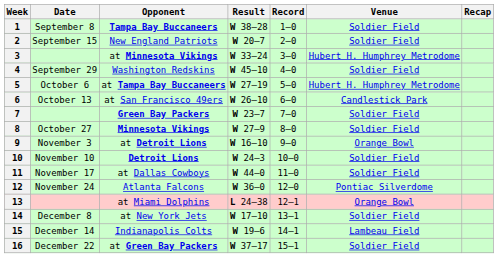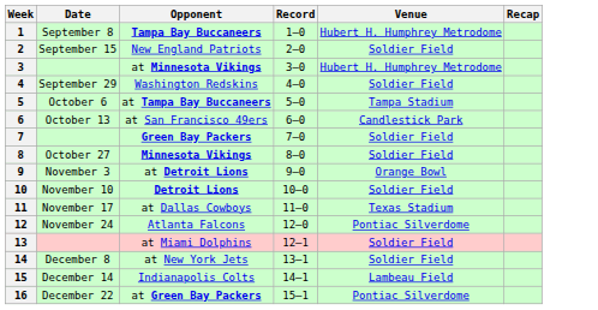 <table class="wikitable" style="text-align:center">
 <tr>
 <th>Week</th>
 <th>Date</th>
 <th>Opponent</th>
-<th>Result</th>
 <th>Record</th>
 <th>Venue</th>
 <th>Recap</th>
 </tr>
 <tr style="background:#cfc;">
 <th>1</th>
 <td>September 8</td>
 <td><strong><a href='#'>Tampa Bay Buccaneers</a></strong></td>
-<td><strong>W</strong>  38–28</td>
 <td>1–0</td>
-<td><a href='#'>Soldier Field</a></td>
+<td><a href='#'>Hubert H. Humphrey Metrodome</a></td>
 <td></td>
 </tr>
 <tr style="background:#cfc;">
 <th>2</th>
 <td>September 15</td>
 <td><a href='#'>New England Patriots</a></td>
-<td><strong>W</strong> 20–7</td>
 <td>2–0</td>
 <td><a href='#'>Soldier Field</a></td>
 <td></td>
 </tr>
 <tr style="background:#cfc;">
 <th>3</th>
 <td></td>
 <td>at <strong><a href='#'>Minnesota Vikings</a></strong></td>
-<td><strong>W</strong> 33–24</td>
 <td>3–0</td>
 <td><a href='#'>Hubert H. Humphrey Metrodome</a></td>
 <td></td>
 </tr>
 <tr style="background:#cfc;">
 <th>4</th>
 <td>September 29</td>
 <td><a href='#'>Washington Redskins</a></td>
-<td><strong>W</strong> 45–10</td>
 <td>4–0</td>
 <td><a href='#'>Soldier Field</a></td>
 <td></td>
 </tr>
 <tr style="background:#cfc;">
 <th>5</th>
 <td>October 6</td>
 <td>at <strong><a href='#'>Tampa Bay Buccaneers</a></strong></td>
-<td><strong>W</strong> 27–19</td>
 <td>5–0</td>
-<td><a href='#'>Hubert H. Humphrey Metrodome</a></td>
+<td><a href='#'>Tampa Stadium</a></td>
 <td></td>
 </tr>
 <tr style="background:#cfc;">
 <th>6</th>
 <td>October 13</td>
 <td>at <a href='#'>San Francisco 49ers</a></td>
-<td><strong>W</strong> 26–10</td>
 <td>6–0</td>
 <td><a href='#'>Candlestick Park</a></td>
 <td></td>
 </tr>
 <tr style="background:#cfc;">
 <th>7</th>
 <td></td>
 <td><strong><a href='#'>Green Bay Packers</a></strong></td>
-<td><strong>W</strong> 23–7</td>
 <td>7–0</td>
 <td><a href='#'>Soldier Field</a></td>
 <td></td>
 </tr>
 <tr style="background:#cfc;">
 <th>8</th>
 <td>October 27</td>
 <td><strong><a href='#'>Minnesota Vikings</a></strong></td>
-<td><strong>W</strong> 27–9</td>
 <td>8–0</td>
 <td><a href='#'>Soldier Field</a></td>
 <td></td>
 </tr>
 <tr style="background:#cfc;">
 <th>9</th>
 <td>November 3</td>
 <td>at <strong><a href='#'>Detroit Lions</a></strong></td>
-<td><strong>W</strong> 16–10</td>
 <td>9–0</td>
 <td><a href='#'>Orange Bowl</a></td>
 <td></td>
 </tr>
 <tr style="background:#cfc;">
 <th>10</th>
 <td>November 10</td>
 <td><strong><a href='#'>Detroit Lions</a></strong></td>
-<td><strong>W</strong> 24–3</td>
 <td>10–0</td>
 <td><a href='#'>Soldier Field</a></td>
 <td></td>
 </tr>
 <tr style="background:#cfc;">
 <th>11</th>
 <td>November 17</td>
 <td>at <a href='#'>Dallas Cowboys</a></td>
-<td><strong>W</strong> 44–0</td>
 <td>11–0</td>
-<td><a href='#'>Soldier Field</a></td>
+<td><a href='#'>Texas Stadium</a></td>
 <td></td>
 </tr>
 <tr style="background:#cfc;">
 <th>12</th>
 <td>November 24</td>
 <td><a href='#'>Atlanta Falcons</a></td>
-<td><strong>W</strong> 36–0</td>
 <td>12–0</td>
 <td><a href='#'>Pontiac Silverdome</a></td>
 <td></td>
 </tr>
 <tr style="background:#fcc;">
 <th>13</th>
 <td></td>
 <td>at <a href='#'>Miami Dolphins</a></td>
-<td><strong>L</strong> 24–38</td>
 <td>12–1</td>
-<td><a href='#'>Orange Bowl</a></td>
+<td><a href='#'>Soldier Field</a></td>
 <td></td>
 </tr>
 <tr style="background:#cfc;">
 <th>14</th>
 <td>December 8</td>
 <td>at <a href='#'>New York Jets</a></td>
-<td><strong>W</strong> 17–10</td>
 <td>13–1</td>
 <td><a href='#'>Soldier Field</a></td>
 <td></td>
 </tr>
 <tr style="background:#cfc;">
 <th>15</th>
 <td>December 14</td>
 <td><a href='#'>Indianapolis Colts</a></td>
-<td><strong>W</strong> 19–6</td>
 <td>14–1</td>
 <td><a href='#'>Lambeau Field</a></td>
 <td></td>
 </tr>
 <tr style="background:#cfc;">
 <th>16</th>
 <td>December 22</td>
 <td>at <strong><a href='#'>Green Bay Packers</a></strong></td>
-<td><strong>W</strong> 37–17</td>
 <td>15–1</td>
-<td><a href='#'>Soldier Field</a></td>
+<td><a href='#'>Pontiac Silverdome</a></td>
 <td></td>
 </tr>
 </table>
